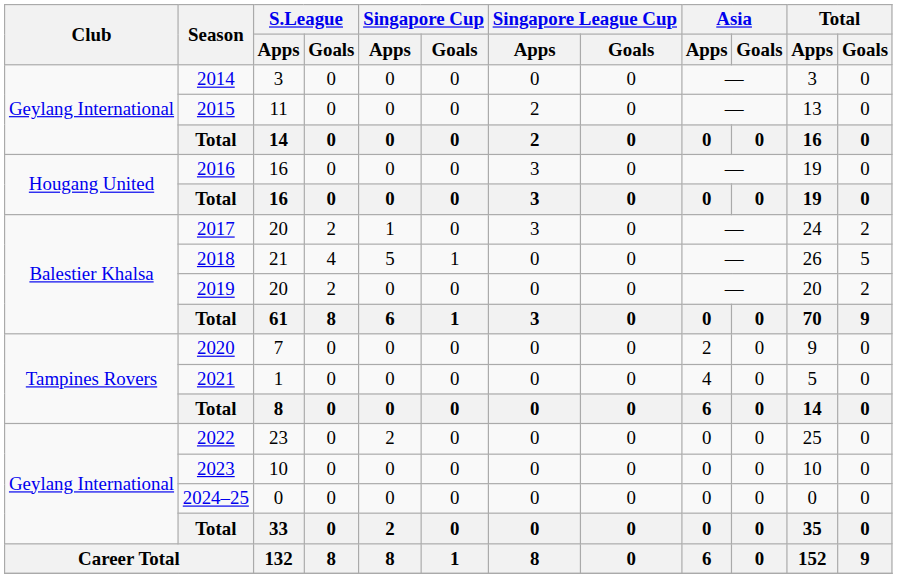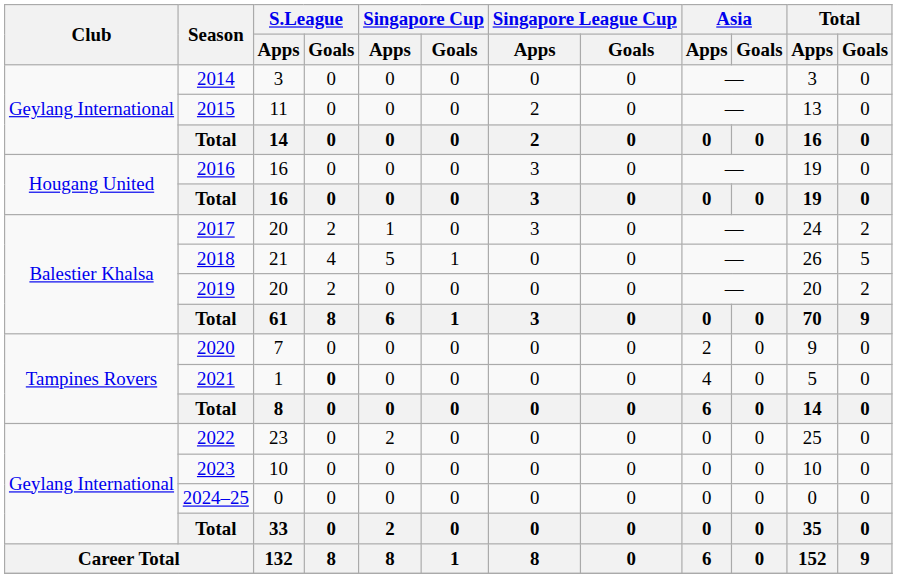 <table style="text-align:center" class="wikitable">
 <tr>
 <th rowspan="2">Club</th>
 <th rowspan="2">Season</th>
 <th colspan="2"><a href='#'>S.League</a></th>
 <th colspan="2"><a href='#'>Singapore Cup</a></th>
 <th colspan="2"><a href='#'>Singapore League Cup</a></th>
 <th colspan="2"><a href='#'>Asia</a></th>
 <th colspan="2">Total</th>
 </tr>
 <tr>
 <th>Apps</th>
 <th>Goals</th>
 <th>Apps</th>
 <th>Goals</th>
 <th>Apps</th>
 <th>Goals</th>
 <th>Apps</th>
 <th>Goals</th>
 <th>Apps</th>
 <th>Goals</th>
 </tr>
 <tr>
 <td rowspan="3"><a href='#'>Geylang International</a></td>
 <td><a href='#'>2014</a></td>
 <td>3</td>
 <td>0</td>
 <td>0</td>
 <td>0</td>
 <td>0</td>
 <td>0</td>
 <td colspan="2">—</td>
 <td>3</td>
 <td>0</td>
 </tr>
 <tr>
 <td><a href='#'>2015</a></td>
 <td>11</td>
 <td>0</td>
 <td>0</td>
 <td>0</td>
 <td>2</td>
 <td>0</td>
 <td colspan="2">—</td>
 <td>13</td>
 <td>0</td>
 </tr>
 <tr>
 <th>Total</th>
 <th>14</th>
 <th>0</th>
 <th>0</th>
 <th>0</th>
 <th>2</th>
 <th>0</th>
 <th>0</th>
 <th>0</th>
 <th>16</th>
 <th>0</th>
 </tr>
 <tr>
 <td rowspan="2"><a href='#'>Hougang United</a></td>
 <td><a href='#'>2016</a></td>
 <td>16</td>
 <td>0</td>
 <td>0</td>
 <td>0</td>
 <td>3</td>
 <td>0</td>
 <td colspan="2">—</td>
 <td>19</td>
 <td>0</td>
 </tr>
 <tr>
 <th>Total</th>
 <th>16</th>
 <th>0</th>
 <th>0</th>
 <th>0</th>
 <th>3</th>
 <th>0</th>
 <th>0</th>
 <th>0</th>
 <th>19</th>
 <th>0</th>
 </tr>
 <tr>
 <td rowspan="4"><a href='#'>Balestier Khalsa</a></td>
 <td><a href='#'>2017</a></td>
 <td>20</td>
 <td>2</td>
 <td>1</td>
 <td>0</td>
 <td>3</td>
 <td>0</td>
 <td colspan="2">—</td>
 <td>24</td>
 <td>2</td>
 </tr>
 <tr>
 <td><a href='#'>2018</a></td>
 <td>21</td>
 <td>4</td>
 <td>5</td>
 <td>1</td>
 <td>0</td>
 <td>0</td>
 <td colspan="2">—</td>
 <td>26</td>
 <td>5</td>
 </tr>
 <tr>
 <td><a href='#'>2019</a></td>
 <td>20</td>
 <td>2</td>
 <td>0</td>
 <td>0</td>
 <td>0</td>
 <td>0</td>
 <td colspan="2">—</td>
 <td>20</td>
 <td>2</td>
 </tr>
 <tr>
 <th>Total</th>
 <th>61</th>
 <th>8</th>
 <th>6</th>
 <th>1</th>
 <th>3</th>
 <th>0</th>
 <th>0</th>
 <th>0</th>
 <th>70</th>
 <th>9</th>
 </tr>
 <tr>
 <td rowspan="3"><a href='#'>Tampines Rovers</a></td>
 <td><a href='#'>2020</a></td>
 <td>7</td>
 <td>0</td>
 <td>0</td>
 <td>0</td>
 <td>0</td>
 <td>0</td>
 <td>2</td>
 <td>0</td>
 <td>9</td>
 <td>0</td>
 </tr>
 <tr>
 <td><a href='#'>2021</a></td>
 <td>1</td>
-<td>0</td>
+<td><strong>0</strong></td>
 <td>0</td>
 <td>0</td>
 <td>0</td>
 <td>0</td>
 <td>4</td>
 <td>0</td>
 <td>5</td>
 <td>0</td>
 </tr>
 <tr>
 <th>Total</th>
 <th>8</th>
 <th>0</th>
 <th>0</th>
 <th>0</th>
 <th>0</th>
 <th>0</th>
 <th>6</th>
 <th>0</th>
 <th>14</th>
 <th>0</th>
 </tr>
 <tr>
 <td rowspan="4"><a href='#'>Geylang International</a></td>
 <td><a href='#'>2022</a></td>
 <td>23</td>
 <td>0</td>
 <td>2</td>
 <td>0</td>
 <td>0</td>
 <td>0</td>
 <td>0</td>
 <td>0</td>
 <td>25</td>
 <td>0</td>
 </tr>
 <tr>
 <td><a href='#'>2023</a></td>
 <td>10</td>
 <td>0</td>
 <td>0</td>
 <td>0</td>
 <td>0</td>
 <td>0</td>
 <td>0</td>
 <td>0</td>
 <td>10</td>
 <td>0</td>
 </tr>
 <tr>
 <td><a href='#'>2024–25</a></td>
 <td>0</td>
 <td>0</td>
 <td>0</td>
 <td>0</td>
 <td>0</td>
 <td>0</td>
 <td>0</td>
 <td>0</td>
 <td>0</td>
 <td>0</td>
 </tr>
 <tr>
 <th>Total</th>
 <th>33</th>
 <th>0</th>
 <th>2</th>
 <th>0</th>
 <th>0</th>
 <th>0</th>
 <th>0</th>
 <th>0</th>
 <th>35</th>
 <th>0</th>
 </tr>
 <tr>
 <th colspan="2">Career Total</th>
 <th>132</th>
 <th>8</th>
 <th>8</th>
 <th>1</th>
 <th>8</th>
 <th>0</th>
 <th>6</th>
 <th>0</th>
 <th>152</th>
 <th>9</th>
 </tr>
 <tr>
 </tr>
 </table>
